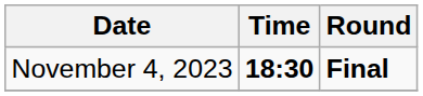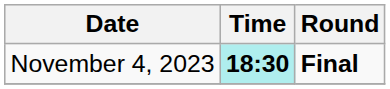 <table class="wikitable">
 <tr>
 <th>Date</th>
 <th>Time</th>
 <th>Round</th>
 </tr>
 <tr>
 <td>November 4, 2023</td>
-<td><strong>18:30</strong></td>
+<td style="background: paleturquoise;"><strong>18:30</strong></td>
 <td><strong>Final</strong></td>
 </tr>
 <tr>
 </tr>
 </table>
